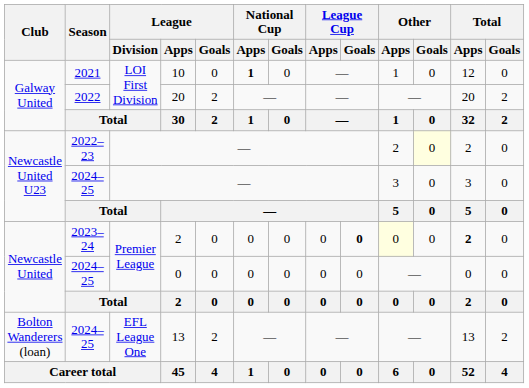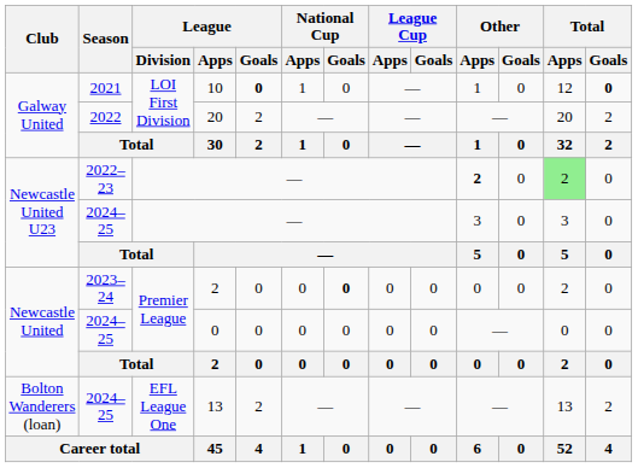 <table class="wikitable" style="text-align: center;">
 <tr>
 <th rowspan=2>Club</th>
 <th rowspan=2>Season</th>
 <th colspan=3>League</th>
 <th colspan=2>National Cup</th>
 <th colspan=2><a href='#'>League Cup</a></th>
 <th colspan=2>Other</th>
 <th colspan=2>Total</th>
 </tr>
 <tr>
 <th>Division</th>
 <th>Apps</th>
 <th>Goals</th>
 <th>Apps</th>
 <th>Goals</th>
 <th>Apps</th>
 <th>Goals</th>
 <th>Apps</th>
 <th>Goals</th>
 <th>Apps</th>
 <th>Goals</th>
 </tr>
 <tr>
 <td rowspan="3"><a href='#'>Galway United</a></td>
 <td><a href='#'>2021</a></td>
 <td rowspan="2"><a href='#'>LOI First Division</a></td>
 <td>10</td>
-<td>0</td>
-<td><strong>1</strong></td>
+<td><strong>0</strong></td>
+<td>1</td>
 <td>0</td>
 <td colspan="2">—</td>
 <td>1</td>
 <td>0</td>
 <td>12</td>
-<td>0</td>
+<td><strong>0</strong></td>
 </tr>
 <tr>
 <td><a href='#'>2022</a></td>
 <td>20</td>
 <td>2</td>
 <td colspan="2">—</td>
 <td colspan="2">—</td>
 <td colspan="2">—</td>
 <td>20</td>
 <td>2</td>
 </tr>
 <tr>
 <th colspan="2">Total</th>
 <th>30</th>
 <th>2</th>
 <th>1</th>
 <th>0</th>
 <th colspan="2">—</th>
 <th>1</th>
 <th>0</th>
 <th>32</th>
 <th>2</th>
 </tr>
 <tr>
 <td rowspan="3"><a href='#'>Newcastle United U23</a></td>
 <td><a href='#'>2022–23</a></td>
 <td colspan="7">—</td>
-<td>2</td>
-<td style="background: lightyellow;">0</td>
-<td>2</td>
+<td><strong>2</strong></td>
+<td>0</td>
+<td style="background: lightgreen;">2</td>
 <td>0</td>
 </tr>
 <tr>
 <td><a href='#'>2024–25</a></td>
 <td colspan="7">—</td>
 <td>3</td>
 <td>0</td>
 <td>3</td>
 <td>0</td>
 </tr>
 <tr>
 <th colspan="2">Total</th>
 <th colspan="6">—</th>
 <th>5</th>
 <th>0</th>
 <th>5</th>
 <th>0</th>
 </tr>
 <tr>
 <td rowspan="3"><a href='#'>Newcastle United</a></td>
 <td><a href='#'>2023–24</a></td>
 <td rowspan="2"><a href='#'>Premier League</a></td>
 <td>2</td>
 <td>0</td>
 <td>0</td>
+<td><strong>0</strong></td>
 <td>0</td>
 <td>0</td>
-<td><strong>0</strong></td>
-<td style="background: lightyellow;">0</td>
 <td>0</td>
-<td><strong>2</strong></td>
+<td>0</td>
+<td>2</td>
 <td>0</td>
 </tr>
 <tr>
 <td><a href='#'>2024–25</a></td>
 <td>0</td>
 <td>0</td>
 <td>0</td>
 <td>0</td>
 <td>0</td>
 <td>0</td>
 <td colspan="2">—</td>
 <td>0</td>
 <td>0</td>
 </tr>
 <tr>
 <th colspan="2">Total</th>
 <th>2</th>
 <th>0</th>
 <th>0</th>
 <th>0</th>
 <th>0</th>
 <th>0</th>
 <th>0</th>
 <th>0</th>
 <th>2</th>
 <th>0</th>
 </tr>
 <tr>
 <td><a href='#'>Bolton Wanderers</a> (loan)</td>
 <td><a href='#'>2024–25</a></td>
 <td><a href='#'>EFL League One</a></td>
 <td>13</td>
 <td>2</td>
 <td colspan="2">—</td>
 <td colspan="2">—</td>
 <td colspan="2">—</td>
 <td>13</td>
 <td>2</td>
 </tr>
 <tr>
 <th colspan=3>Career total</th>
 <th>45</th>
 <th>4</th>
 <th>1</th>
 <th>0</th>
 <th>0</th>
 <th>0</th>
 <th>6</th>
 <th>0</th>
 <th>52</th>
 <th>4</th>
 </tr>
 </table>
